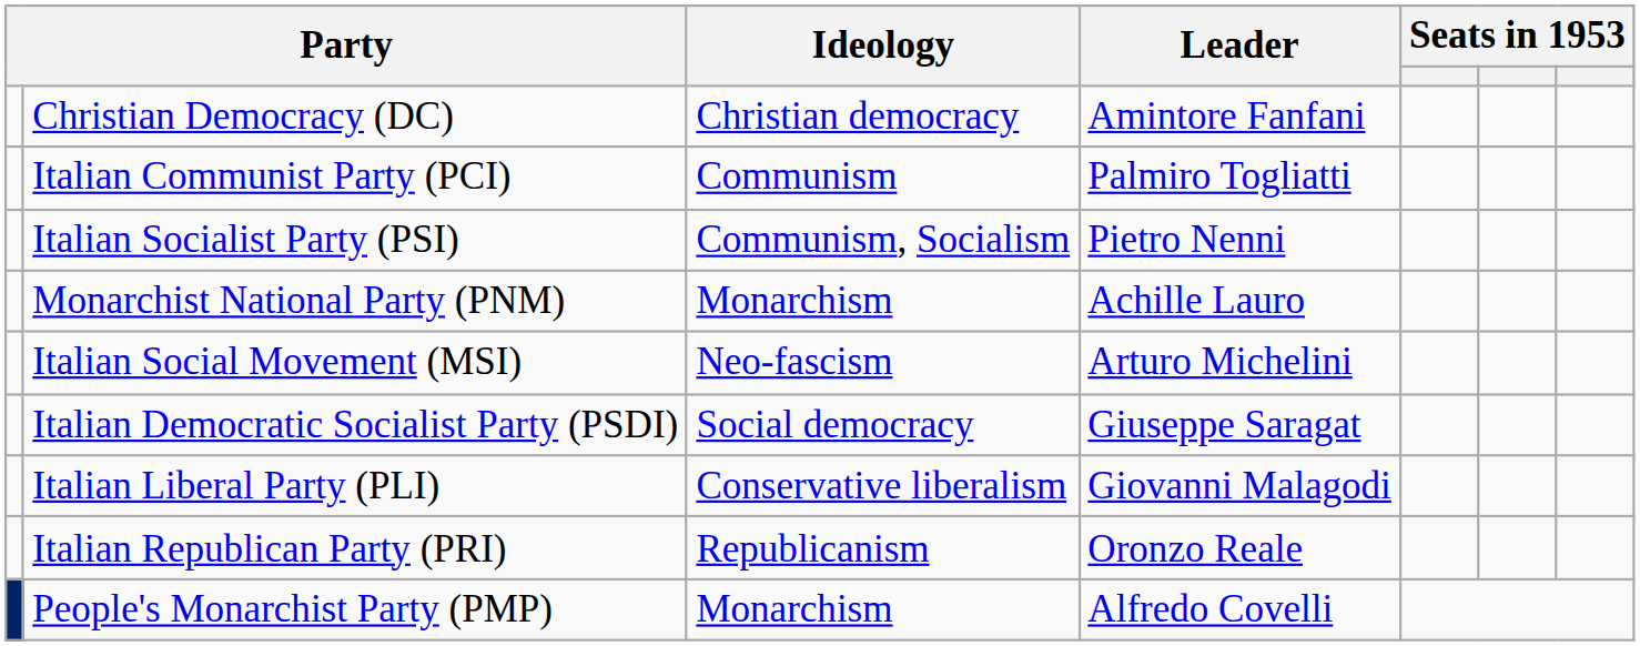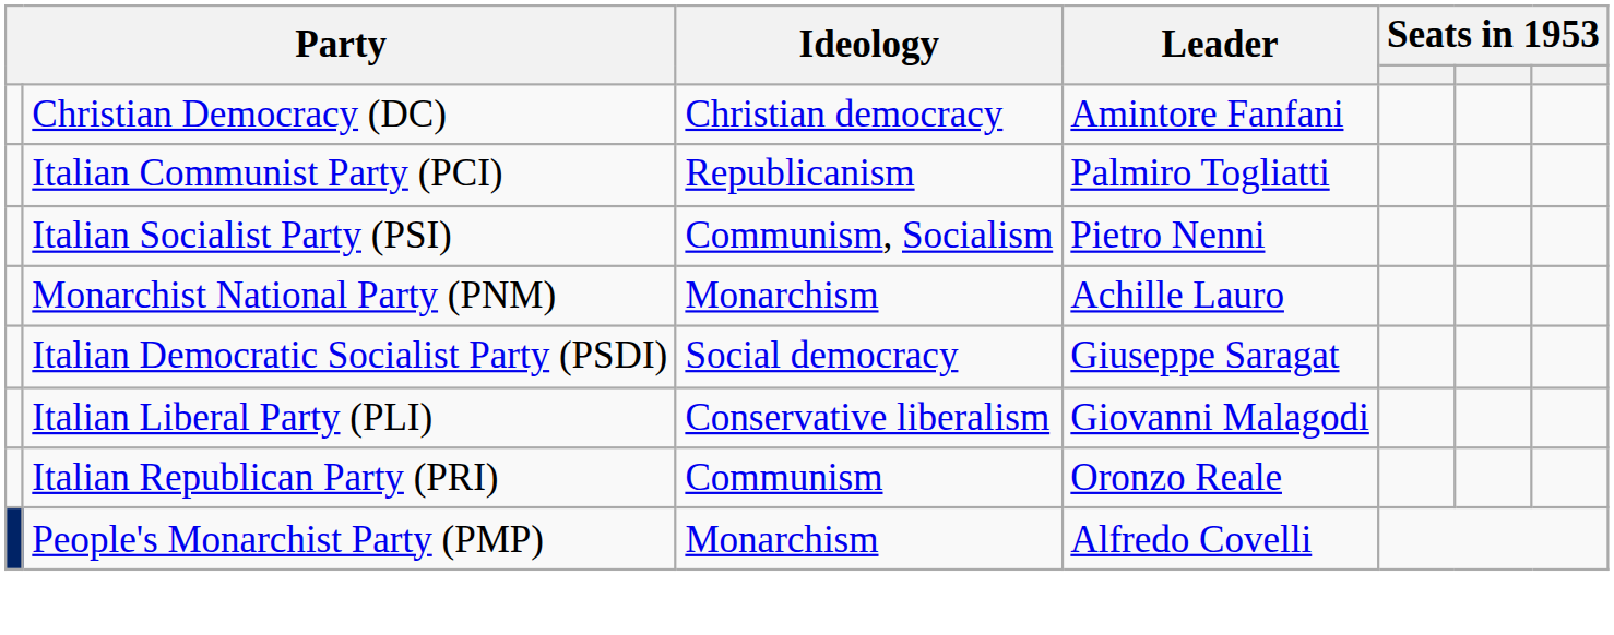 <table class=wikitable style="text-align:left">
 <tr>
 <th colspan=2  rowspan="2">Party</th>
 <th rowspan="2">Ideology</th>
 <th rowspan="2">Leader</th>
 <th colspan="3">Seats in 1953</th>
 </tr>
 <tr>
 <th></th>
 <th></th>
 <th></th>
 </tr>
 <tr>
 <td></td>
 <td><a href='#'>Christian Democracy</a> (DC)</td>
 <td><a href='#'>Christian democracy</a></td>
 <td><a href='#'>Amintore Fanfani</a></td>
 <td></td>
 <td></td>
 <td></td>
 </tr>
 <tr>
 <td></td>
 <td><a href='#'>Italian Communist Party</a> (PCI)</td>
-<td><a href='#'>Communism</a></td>
+<td><a href='#'>Republicanism</a></td>
 <td><a href='#'>Palmiro Togliatti</a></td>
 <td></td>
 <td></td>
 <td></td>
 </tr>
 <tr>
 <td></td>
 <td><a href='#'>Italian Socialist Party</a> (PSI)</td>
 <td><a href='#'>Communism</a>, <a href='#'>Socialism</a></td>
 <td><a href='#'>Pietro Nenni</a></td>
 <td></td>
 <td></td>
 <td></td>
 </tr>
 <tr>
 <td></td>
 <td><a href='#'>Monarchist National Party</a> (PNM)</td>
 <td><a href='#'>Monarchism</a></td>
 <td><a href='#'>Achille Lauro</a></td>
 <td></td>
 <td></td>
 <td></td>
 </tr>
 <tr>
 <td></td>
-<td><a href='#'>Italian Social Movement</a> (MSI)</td>
-<td><a href='#'>Neo-fascism</a></td>
-<td><a href='#'>Arturo Michelini</a></td>
-<td></td>
-<td></td>
-<td></td>
-</tr>
-<tr>
-<td></td>
 <td><a href='#'>Italian Democratic Socialist Party</a> (PSDI)</td>
 <td><a href='#'>Social democracy</a></td>
 <td><a href='#'>Giuseppe Saragat</a></td>
 <td></td>
 <td></td>
 <td></td>
 </tr>
 <tr>
 <td></td>
 <td><a href='#'>Italian Liberal Party</a> (PLI)</td>
 <td><a href='#'>Conservative liberalism</a></td>
 <td><a href='#'>Giovanni Malagodi</a></td>
 <td></td>
 <td></td>
 <td></td>
 </tr>
 <tr>
 <td></td>
 <td><a href='#'>Italian Republican Party</a> (PRI)</td>
-<td><a href='#'>Republicanism</a></td>
+<td><a href='#'>Communism</a></td>
 <td><a href='#'>Oronzo Reale</a></td>
 <td></td>
 <td></td>
 <td></td>
 </tr>
 <tr>
 <td bgcolor="#002366"></td>
 <td><a href='#'>People's Monarchist Party</a> (PMP)</td>
 <td><a href='#'>Monarchism</a></td>
 <td><a href='#'>Alfredo Covelli</a></td>
 <td colspan=3></td>
 </tr>
 </table>
